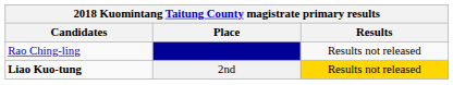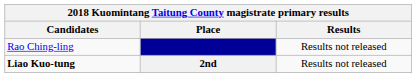 <table class="wikitable collapsible" style="margin: 1em auto;">
 <tr>
 <th colspan="5" width=600>2018 Kuomintang <a href='#'>Taitung County</a> magistrate primary results</th>
 </tr>
 <tr>
 <th width=80>Candidates</th>
 <th width=80>Place</th>
 <th width=80>Results</th>
 </tr>
 <tr>
 <td><a href='#'>Rao Ching-ling</a></td>
 <td style="background: #000099; text-align:center"><strong></strong></td>
 <td style="text-align:center">Results not released</td>
 </tr>
 <tr>
 <td><strong>Liao Kuo-tung</strong></td>
-<td style="background: #f1f1f1; text-align:center">2nd</td>
-<td style="background: gold; text-align:center">Results not released</td>
+<td style="background: #f1f1f1; text-align:center"><strong>2nd</strong></td>
+<td style="text-align:center">Results not released</td>
 </tr>
 </table>
